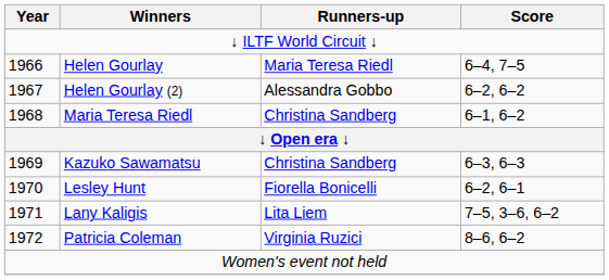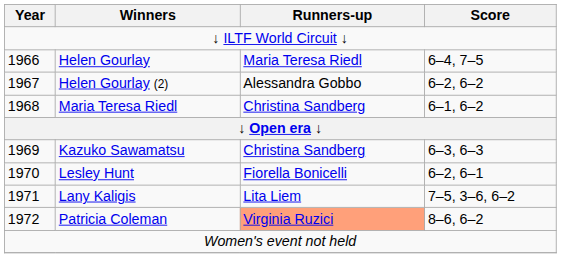 <table class="wikitable">
 <tr>
 <th style="width:50px">Year</th>
 <th style="width:200px">Winners</th>
 <th style="width:200px">Runners-up</th>
 <th style="width:140px" class="unsortable">Score</th>
 </tr>
 <tr>
 <td colspan=4 align=center>↓ <a href='#'>ILTF World Circuit</a> ↓</td>
 </tr>
 <tr>
 <td>1966</td>
 <td> <a href='#'>Helen Gourlay</a></td>
 <td> <a href='#'>Maria Teresa Riedl</a></td>
 <td>6–4, 7–5</td>
 </tr>
 <tr>
 <td>1967</td>
 <td> <a href='#'>Helen Gourlay</a> <small>(2)</small></td>
 <td> Alessandra Gobbo</td>
 <td>6–2, 6–2</td>
 </tr>
 <tr>
 <td>1968</td>
 <td> <a href='#'>Maria Teresa Riedl</a></td>
 <td> <a href='#'>Christina Sandberg</a></td>
 <td>6–1, 6–2</td>
 </tr>
 <tr>
 <th colspan=4 align=center>↓ <a href='#'>Open era</a> ↓</th>
 </tr>
 <tr>
 <td>1969</td>
 <td>	<a href='#'>Kazuko Sawamatsu</a></td>
 <td> <a href='#'>Christina Sandberg</a></td>
 <td>6–3, 6–3</td>
 </tr>
 <tr>
 <td>1970</td>
 <td> <a href='#'>Lesley Hunt</a></td>
 <td> <a href='#'>Fiorella Bonicelli</a></td>
 <td>6–2, 6–1</td>
 </tr>
 <tr>
 <td>1971</td>
 <td> <a href='#'>Lany Kaligis</a></td>
 <td> <a href='#'>Lita Liem</a></td>
 <td>7–5, 3–6, 6–2</td>
 </tr>
 <tr>
 <td>1972</td>
 <td> <a href='#'>Patricia Coleman</a></td>
-<td> <a href='#'>Virginia Ruzici</a></td>
+<td style="background: lightsalmon;"> <a href='#'>Virginia Ruzici</a></td>
 <td>8–6, 6–2</td>
 </tr>
 <tr>
 <td colspan=4 align=center><em>Women's event not held</em></td>
 </tr>
 <tr>
 </tr>
 </table>
